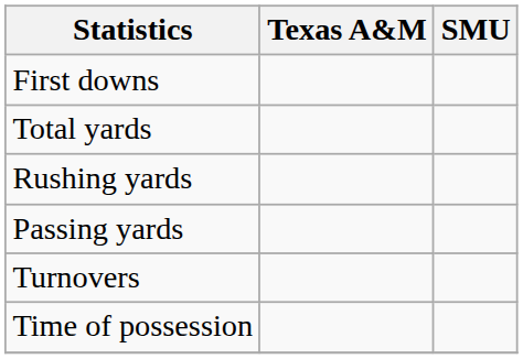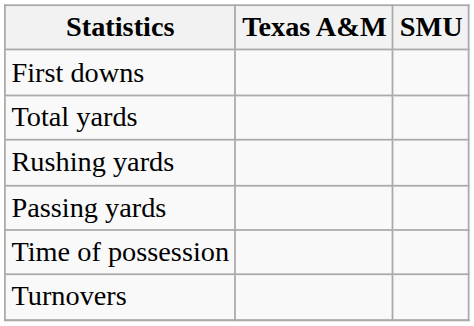 <table class="wikitable" style="float: left;">
 <tr>
 <th>Statistics</th>
 <th>Texas A&M</th>
 <th>SMU</th>
 </tr>
 <tr>
 <td>First downs</td>
 <td></td>
 <td></td>
 </tr>
 <tr>
 <td>Total yards</td>
 <td></td>
 <td></td>
 </tr>
 <tr>
 <td>Rushing yards</td>
 <td></td>
 <td></td>
 </tr>
 <tr>
 <td>Passing yards</td>
 <td></td>
 <td></td>
 </tr>
 <tr>
-<td>Turnovers</td>
+<td>Time of possession</td>
 <td></td>
 <td></td>
 </tr>
 <tr>
-<td>Time of possession</td>
+<td>Turnovers</td>
 <td></td>
 <td></td>
 </tr>
 <tr>
 </tr>
 </table>
